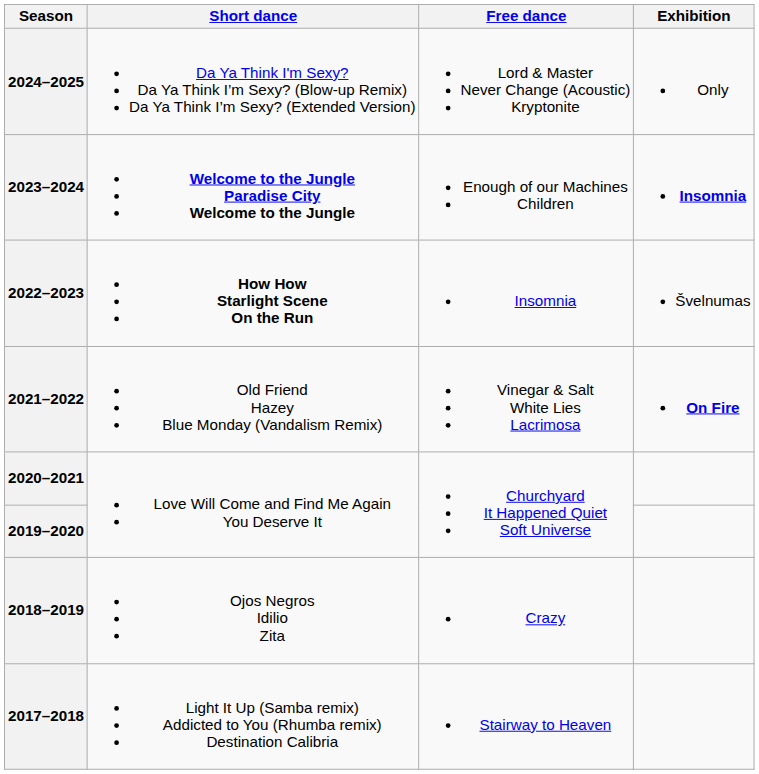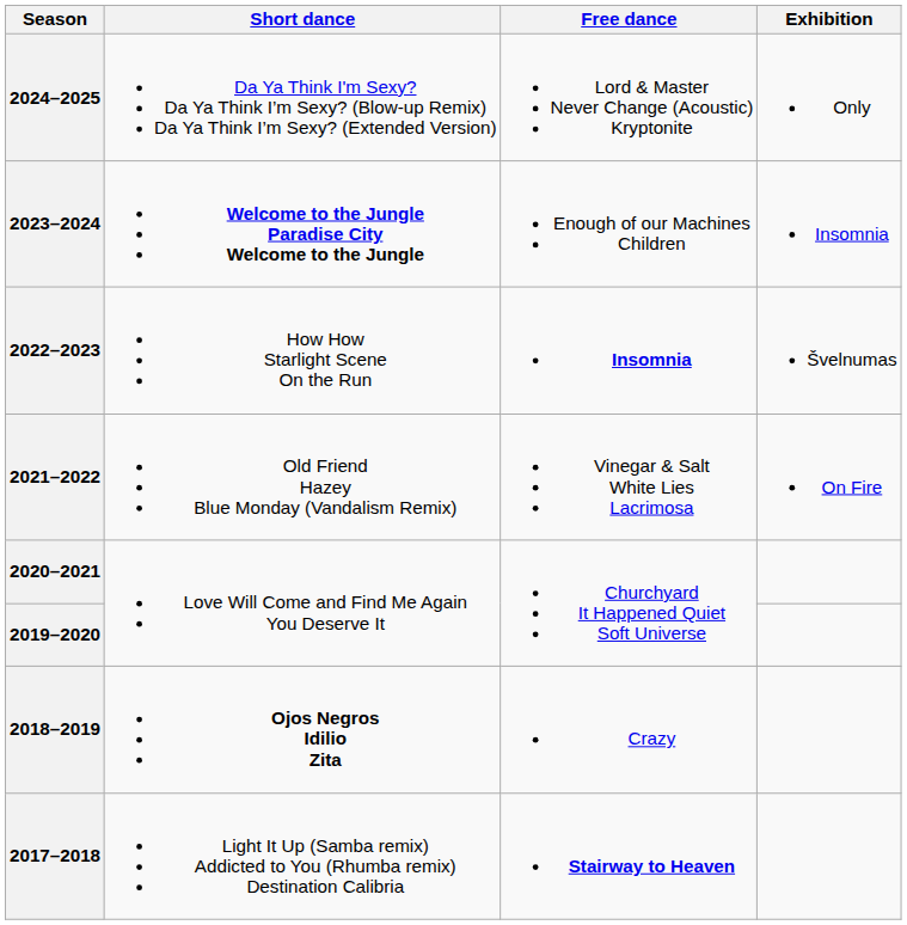 <table class=wikitable style=text-align:center>
 <tr>
 <th>Season</th>
 <th><a href='#'>Short dance</a></th>
 <th><a href='#'>Free dance</a></th>
 <th>Exhibition</th>
 </tr>
 <tr>
 <th>2024–2025 <br> </th>
 <td><br><ul><li><a href='#'>Da Ya Think I'm Sexy?</a> <br> </li><li>Da Ya Think I’m Sexy?  (Blow-up Remix) <br></li><li>Da Ya Think I’m Sexy? (Extended Version)  <br></li></ul></td>
 <td><br><ul><li>Lord & Master <br></li><li>Never Change (Acoustic) <br> </li><li>Kryptonite <br></li></ul></td>
 <td><br><ul><li>Only <br> </li></ul></td>
 </tr>
 <tr>
 <th>2023–2024 <br> </th>
 <td><strong><br><ul><li><a href='#'>Welcome to the Jungle</a></li><li><a href='#'>Paradise City</a></li><li>Welcome to the Jungle <br></li></ul></strong></td>
 <td><br><ul><li>Enough of our Machines <br></li><li>Children <br></li></ul></td>
-<td><strong><br><ul><li><a href='#'>Insomnia</a> <br></li></ul></strong></td>
+<td><br><ul><li><a href='#'>Insomnia</a> <br></li></ul></td>
 </tr>
 <tr>
 <th>2022–2023 <br> </th>
-<td><strong><br><ul><li> How How</li><li> Starlight Scene</li><li> On the Run <br></li></ul></strong></td>
-<td><br><ul><li><a href='#'>Insomnia</a> <br></li></ul></td>
+<td><br><ul><li> How How</li><li> Starlight Scene</li><li> On the Run <br></li></ul></td>
+<td><strong><br><ul><li><a href='#'>Insomnia</a> <br></li></ul></strong></td>
 <td><br><ul><li>Švelnumas <br></li></ul></td>
 </tr>
 <tr>
 <th>2021–2022 <br> </th>
 <td><br><ul><li>Old Friend <br></li><li> Hazey <br></li><li>Blue Monday (Vandalism Remix) <br></li></ul></td>
 <td><br><ul><li>Vinegar & Salt <br></li><li>White Lies <br></li><li><a href='#'>Lacrimosa</a> <br></li></ul></td>
-<td><strong><br><ul><li><a href='#'>On Fire</a> <br></li></ul></strong></td>
+<td><br><ul><li><a href='#'>On Fire</a> <br></li></ul></td>
 </tr>
 <tr>
 <th>2020–2021 <br> </th>
 <td rowspan=2><br><ul><li> Love Will Come and Find Me Again</li><li> You Deserve It <br> </li></ul></td>
 <td rowspan=2><br><ul><li><a href='#'>Churchyard</a></li><li><a href='#'>It Happened Quiet</a></li><li><a href='#'>Soft Universe</a> <br></li></ul></td>
 <td></td>
 </tr>
 <tr>
 <th>2019–2020 <br> </th>
 </tr>
 <tr>
 <th>2018–2019 <br> </th>
-<td><br><ul><li> Ojos Negros</li><li> Idilio</li><li> Zita </li></ul></td>
+<td><strong><br><ul><li> Ojos Negros</li><li> Idilio</li><li> Zita </li></ul></strong></td>
 <td><br><ul><li><a href='#'>Crazy</a> <br></li></ul></td>
 <td></td>
 </tr>
 <tr>
 <th>2017–2018 <br> </th>
 <td><br><ul><li> Light It Up (Samba remix)</li><li> Addicted to You (Rhumba remix)</li><li> Destination Calibria <br></li></ul></td>
-<td><br><ul><li><a href='#'>Stairway to Heaven</a> <br></li></ul></td>
+<td><strong><br><ul><li><a href='#'>Stairway to Heaven</a> <br></li></ul></strong></td>
 <td></td>
 </tr>
 </table>
